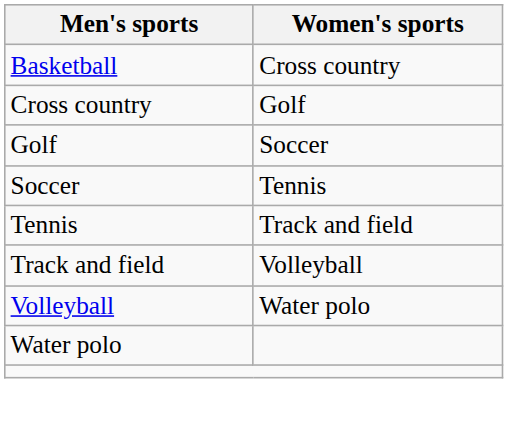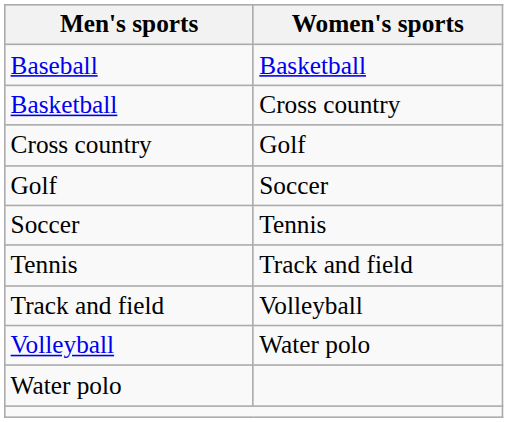 <table class="wikitable" style=" ">
 <tr>
 <th width=150px>Men's sports</th>
 <th width=150px>Women's sports</th>
+</tr>
+<tr>
+<td><a href='#'>Baseball</a></td>
+<td><a href='#'>Basketball</a></td>
 </tr>
 <tr>
 <td><a href='#'>Basketball</a></td>
 <td>Cross country</td>
 </tr>
 <tr>
 <td>Cross country</td>
 <td>Golf</td>
 </tr>
 <tr>
 <td>Golf</td>
 <td>Soccer</td>
 </tr>
 <tr>
 <td>Soccer</td>
 <td>Tennis</td>
 </tr>
 <tr>
 <td>Tennis</td>
 <td>Track and field</td>
 </tr>
 <tr>
 <td>Track and field</td>
 <td>Volleyball</td>
 </tr>
 <tr>
 <td><a href='#'>Volleyball</a></td>
 <td>Water polo</td>
 </tr>
 <tr>
 <td>Water polo</td>
 <td></td>
 </tr>
 <tr>
 <td colspan="2"></td>
 </tr>
 </table>
